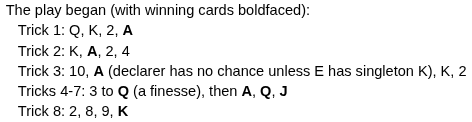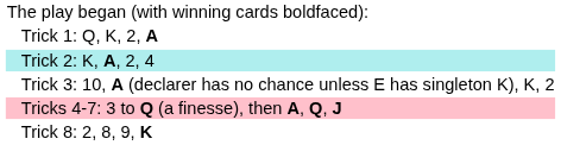 <table>
 <tr>
 <td>The play began (with winning cards boldfaced):</td>
 </tr>
 <tr>
 <td>   Trick 1: Q, K, 2, <strong>A</strong></td>
 </tr>
 <tr>
-<td>   Trick 2: K, <strong>A</strong>, 2, 4</td>
+<td style="background: paleturquoise;">   Trick 2: K, <strong>A</strong>, 2, 4</td>
 </tr>
 <tr>
 <td>   Trick 3: 10, <strong>A</strong> (declarer has no chance unless E has singleton K), K, 2</td>
 </tr>
 <tr>
-<td>   Tricks 4-7: 3 to <strong>Q</strong> (a finesse), then <strong>A</strong>, <strong>Q</strong>, <strong>J</strong></td>
+<td style="background: pink;">   Tricks 4-7: 3 to <strong>Q</strong> (a finesse), then <strong>A</strong>, <strong>Q</strong>, <strong>J</strong></td>
 </tr>
 <tr>
 <td>   Trick 8: 2, 8, 9, <strong>K</strong></td>
 </tr>
 </table>
